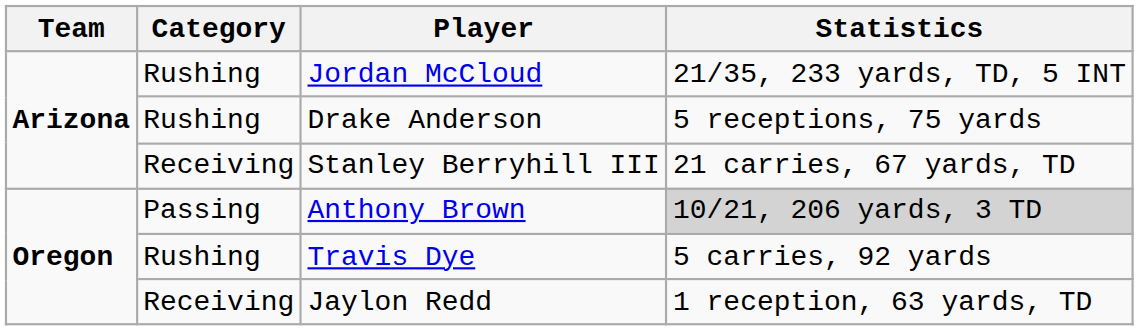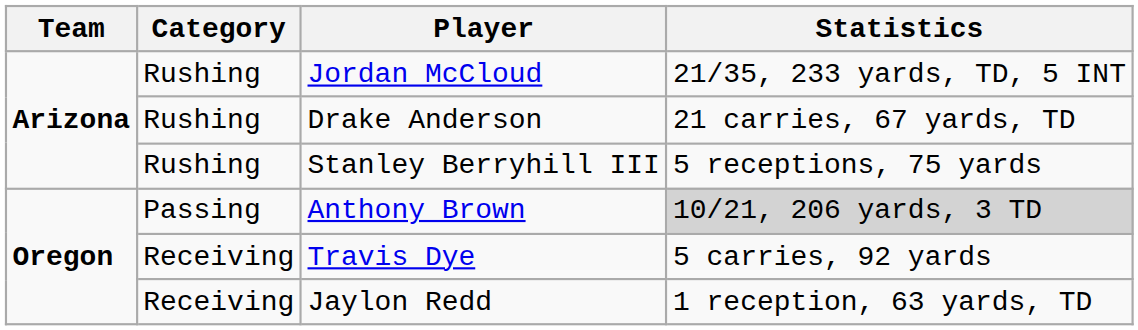 <table class="wikitable" style="float: right;">
 <tr>
 <th>Team</th>
 <th>Category</th>
 <th>Player</th>
 <th>Statistics</th>
 </tr>
 <tr>
 <td rowspan=3><strong>Arizona</strong></td>
 <td>Rushing</td>
 <td><a href='#'>Jordan McCloud</a></td>
 <td>21/35, 233 yards, TD, 5 INT</td>
 </tr>
 <tr>
 <td>Rushing</td>
 <td>Drake Anderson</td>
-<td>5 receptions, 75 yards</td>
+<td>21 carries, 67 yards, TD</td>
 </tr>
 <tr>
-<td>Receiving</td>
+<td>Rushing</td>
 <td>Stanley Berryhill III</td>
-<td>21 carries, 67 yards, TD</td>
+<td>5 receptions, 75 yards</td>
 </tr>
 <tr>
 <td rowspan=3><strong>Oregon</strong></td>
 <td>Passing</td>
 <td><a href='#'>Anthony Brown</a></td>
 <td style="background: lightgrey;">10/21, 206 yards, 3 TD</td>
 </tr>
 <tr>
-<td>Rushing</td>
+<td>Receiving</td>
 <td><a href='#'>Travis Dye</a></td>
 <td>5 carries, 92 yards</td>
 </tr>
 <tr>
 <td>Receiving</td>
 <td>Jaylon Redd</td>
 <td>1 reception, 63 yards, TD</td>
 </tr>
 </table>
